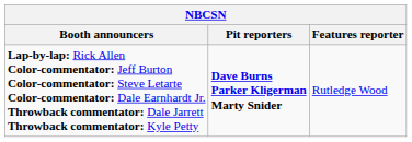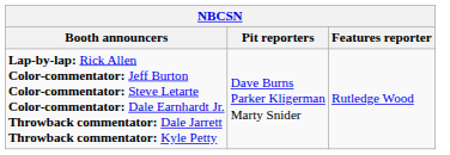 <table class="wikitable" style="font-size: 95%">
 <tr>
 <th colspan="3"><a href='#'>NBCSN</a></th>
 </tr>
 <tr>
 <th>Booth announcers</th>
 <th>Pit reporters</th>
 <th>Features reporter</th>
 </tr>
 <tr>
 <td><strong>Lap-by-lap:</strong> <a href='#'>Rick Allen</a><br><strong>Color-commentator:</strong> <a href='#'>Jeff Burton</a><br><strong>Color-commentator:</strong> <a href='#'>Steve Letarte</a><br><strong>Color-commentator:</strong> <a href='#'>Dale Earnhardt Jr.</a><br> <strong>Throwback commentator:</strong> <a href='#'>Dale Jarrett</a><br><strong>Throwback commentator:</strong> <a href='#'>Kyle Petty</a></td>
-<td><strong><a href='#'>Dave Burns</a><br><a href='#'>Parker Kligerman</a><br>Marty Snider</strong></td>
+<td><a href='#'>Dave Burns</a><br><a href='#'>Parker Kligerman</a><br>Marty Snider</td>
 <td><a href='#'>Rutledge Wood</a></td>
 </tr>
 </table>
